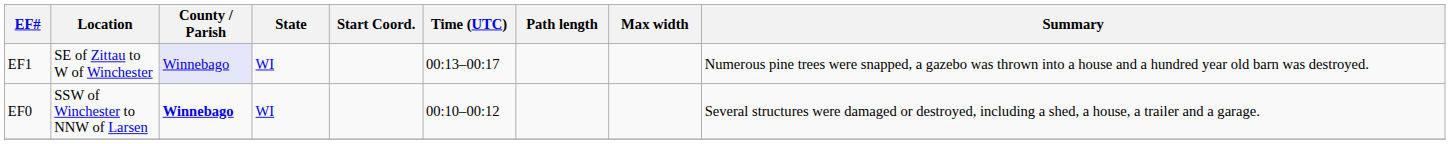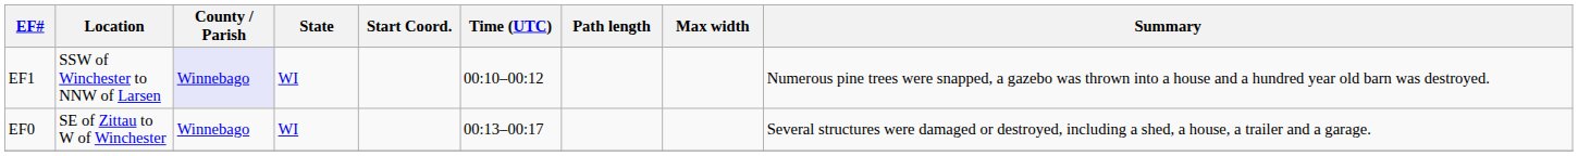 <table class="wikitable sortable" style="width:100%;">
 <tr>
 <th scope="col"  style="width:3%; text-align:center;"><a href='#'>EF#</a></th>
 <th scope="col"  style="width:7%; text-align:center;" class="unsortable">Location</th>
 <th scope="col"  style="width:6%; text-align:center;" class="unsortable">County / Parish</th>
 <th scope="col"  style="width:5%; text-align:center;">State</th>
 <th scope="col"  style="width:6%; text-align:center;">Start Coord.</th>
 <th scope="col"  style="width:6%; text-align:center;">Time (<a href='#'>UTC</a>)</th>
 <th scope="col"  style="width:6%; text-align:center;">Path length</th>
 <th scope="col"  style="width:6%; text-align:center;">Max width</th>
 <th scope="col" class="unsortable" style="width:48%; text-align:center;">Summary</th>
 </tr>
 <tr>
 <td>EF1</td>
-<td>SE of <a href='#'>Zittau</a> to W of <a href='#'>Winchester</a></td>
+<td>SSW of <a href='#'>Winchester</a> to NNW of <a href='#'>Larsen</a></td>
 <td style="background: lavender;"><a href='#'>Winnebago</a></td>
 <td><a href='#'>WI</a></td>
 <td></td>
-<td>00:13–00:17</td>
+<td>00:10–00:12</td>
 <td></td>
 <td></td>
 <td>Numerous pine trees were snapped, a gazebo was thrown into a house and a hundred year old barn was destroyed.</td>
 </tr>
 <tr>
 <td>EF0</td>
-<td>SSW of <a href='#'>Winchester</a> to NNW of <a href='#'>Larsen</a></td>
-<td><strong><a href='#'>Winnebago</a></strong></td>
+<td>SE of <a href='#'>Zittau</a> to W of <a href='#'>Winchester</a></td>
+<td><a href='#'>Winnebago</a></td>
 <td><a href='#'>WI</a></td>
 <td></td>
-<td>00:10–00:12</td>
+<td>00:13–00:17</td>
 <td></td>
 <td></td>
 <td>Several structures were damaged or destroyed, including a shed, a house, a trailer and a garage.</td>
 </tr>
 <tr>
 </tr>
 </table>
